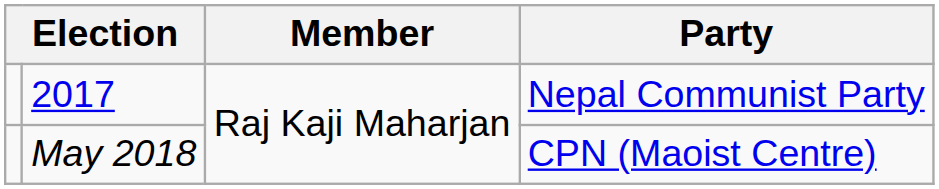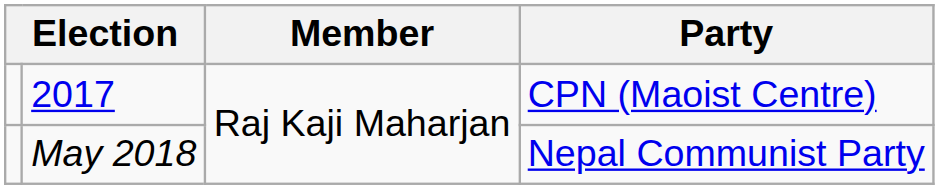 <table class="wikitable">
 <tr>
 <th colspan="2">Election</th>
 <th>Member</th>
 <th>Party</th>
 </tr>
 <tr>
 <td style="background-color:"></td>
 <td><a href='#'>2017</a></td>
 <td rowspan="2">Raj Kaji Maharjan</td>
-<td><a href='#'>Nepal Communist Party</a></td>
+<td><a href='#'>CPN (Maoist Centre)</a></td>
 </tr>
 <tr>
 <td style="background-color:"></td>
 <td><em>May 2018</em></td>
-<td><a href='#'>CPN (Maoist Centre)</a></td>
+<td><a href='#'>Nepal Communist Party</a></td>
 </tr>
 </table>
